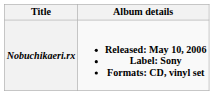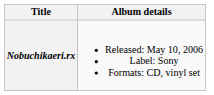 <table class="wikitable plainrowheaders" style="text-align:center;">
 <tr>
 <th>Title</th>
 <th>Album details</th>
 </tr>
 <tr>
 <th scope="row"><em>Nobuchikaeri.rx</em></th>
-<td><strong><br><ul><li>Released: May 10, 2006</li><li>Label: Sony</li><li>Formats: CD, vinyl set</li></ul></strong></td>
+<td><br><ul><li>Released: May 10, 2006</li><li>Label: Sony</li><li>Formats: CD, vinyl set</li></ul></td>
 </tr>
 </table>
